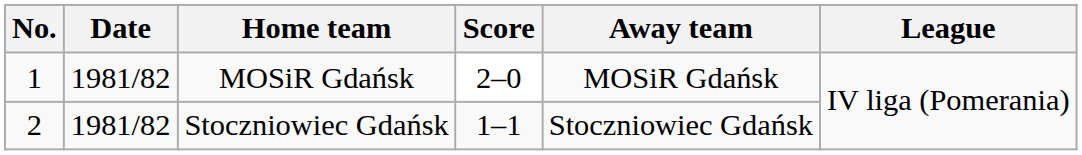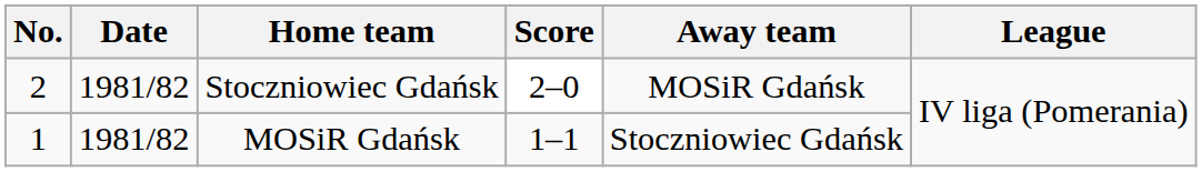 <table class="wikitable" style="text-align: center">
 <tr>
 <th>No.</th>
 <th>Date</th>
 <th>Home team</th>
 <th>Score</th>
 <th>Away team</th>
 <th>League</th>
 </tr>
 <tr>
-<td>1</td>
+<td>2</td>
 <td>1981/82</td>
-<td>MOSiR Gdańsk</td>
+<td>Stoczniowiec Gdańsk</td>
 <td bgcolor=white><span>2–0</span></td>
 <td>MOSiR Gdańsk</td>
 <td rowspan=2>IV liga (Pomerania)</td>
 </tr>
 <tr>
-<td>2</td>
+<td>1</td>
 <td>1981/82</td>
-<td>Stoczniowiec Gdańsk</td>
+<td>MOSiR Gdańsk</td>
 <td>1–1</td>
 <td>Stoczniowiec Gdańsk</td>
 </tr>
 </table>
